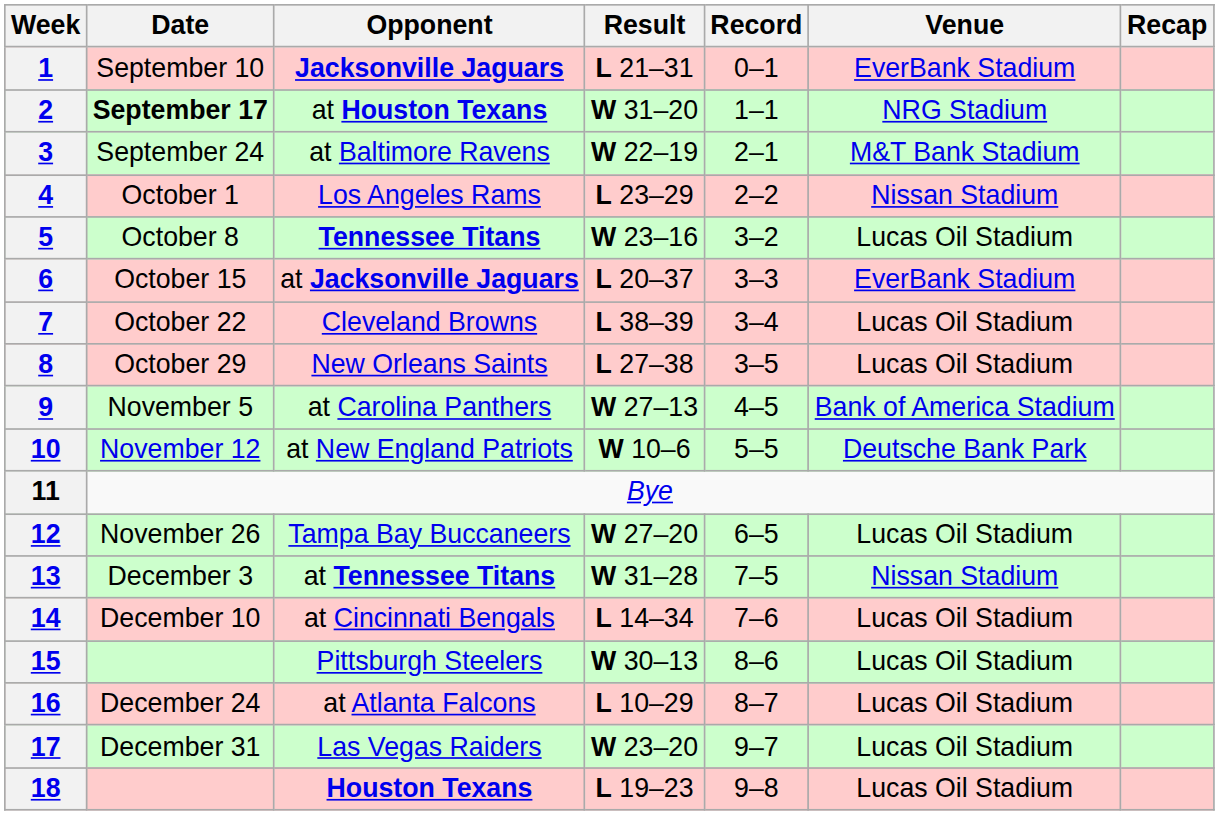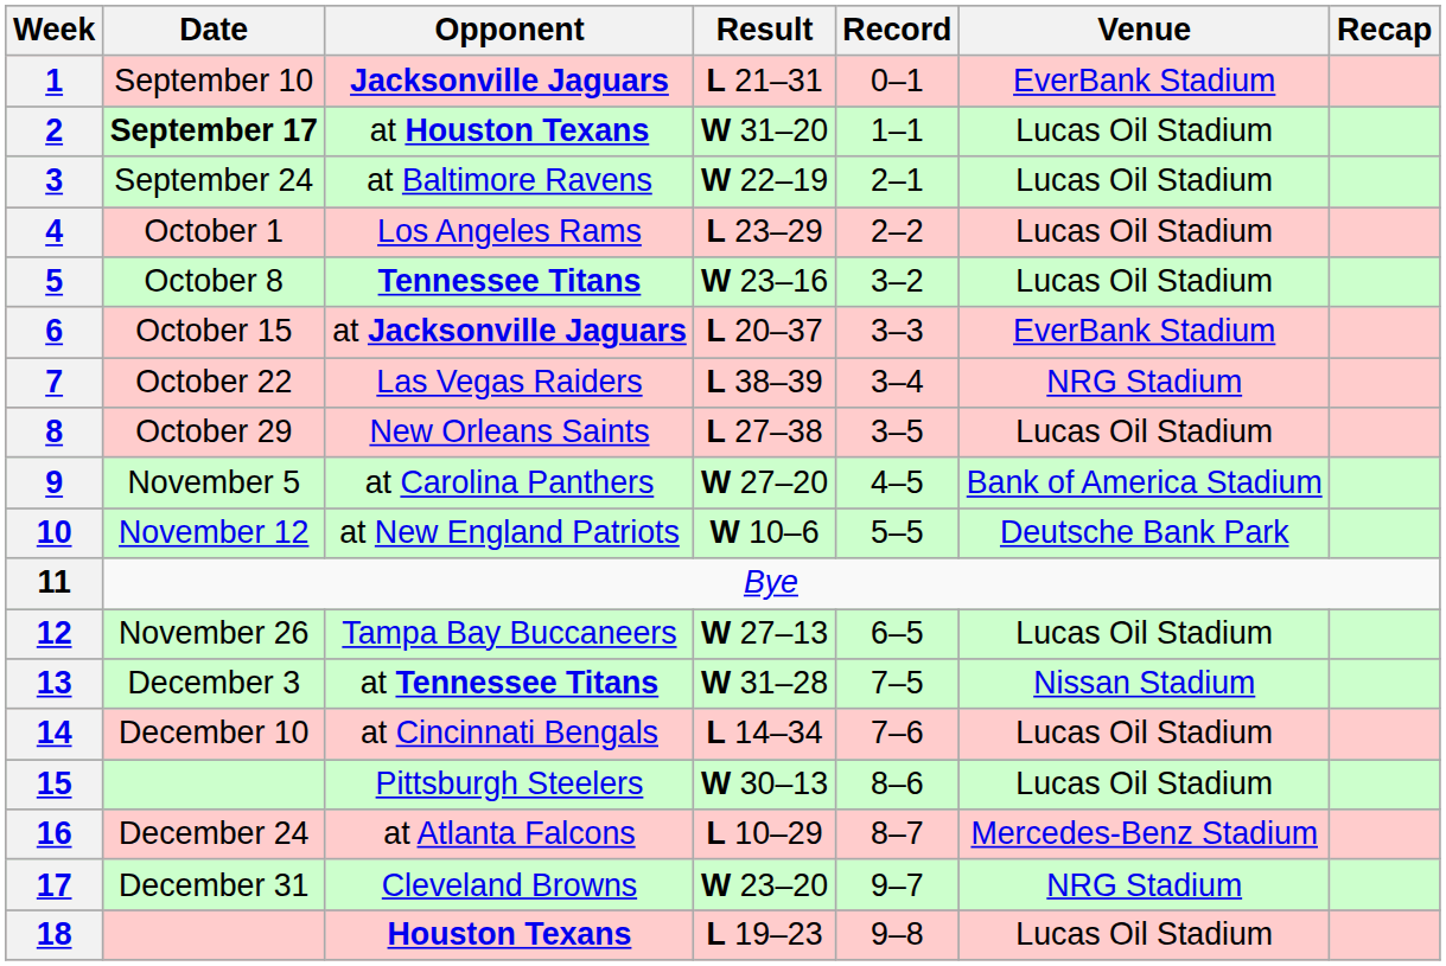 <table class="wikitable" style="text-align:center">
 <tr>
 <th>Week</th>
 <th>Date</th>
 <th>Opponent</th>
 <th>Result</th>
 <th>Record</th>
 <th>Venue</th>
 <th>Recap</th>
 </tr>
 <tr style="background:#fcc">
 <th><a href='#'>1</a></th>
 <td>September 10</td>
 <td><strong><a href='#'>Jacksonville Jaguars</a></strong></td>
 <td><strong>L</strong> 21–31</td>
 <td>0–1</td>
 <td><a href='#'>EverBank Stadium</a></td>
 <td></td>
 </tr>
 <tr style="background:#cfc">
 <th><a href='#'>2</a></th>
 <td><strong>September 17</strong></td>
 <td>at <strong><a href='#'>Houston Texans</a></strong></td>
 <td><strong>W</strong> 31–20</td>
 <td>1–1</td>
-<td><a href='#'>NRG Stadium</a></td>
+<td>Lucas Oil Stadium</td>
 <td></td>
 </tr>
 <tr style="background:#cfc">
 <th><a href='#'>3</a></th>
 <td>September 24</td>
 <td>at <a href='#'>Baltimore Ravens</a></td>
 <td><strong>W</strong> 22–19 </td>
 <td>2–1</td>
-<td><a href='#'>M&T Bank Stadium</a></td>
+<td>Lucas Oil Stadium</td>
 <td></td>
 </tr>
 <tr style="background:#fcc">
 <th><a href='#'>4</a></th>
 <td>October 1</td>
 <td><a href='#'>Los Angeles Rams</a></td>
 <td><strong>L</strong> 23–29 </td>
 <td>2–2</td>
-<td><a href='#'>Nissan Stadium</a></td>
+<td>Lucas Oil Stadium</td>
 <td></td>
 </tr>
 <tr style="background:#cfc">
 <th><a href='#'>5</a></th>
 <td>October 8</td>
 <td><strong><a href='#'>Tennessee Titans</a></strong></td>
 <td><strong>W</strong> 23–16</td>
 <td>3–2</td>
 <td>Lucas Oil Stadium</td>
 <td></td>
 </tr>
 <tr style="background:#fcc">
 <th><a href='#'>6</a></th>
 <td>October 15</td>
 <td>at <strong><a href='#'>Jacksonville Jaguars</a></strong></td>
 <td><strong>L</strong> 20–37</td>
 <td>3–3</td>
 <td><a href='#'>EverBank Stadium</a></td>
 <td></td>
 </tr>
 <tr style="background:#fcc">
 <th><a href='#'>7</a></th>
 <td>October 22</td>
-<td><a href='#'>Cleveland Browns</a></td>
+<td><a href='#'>Las Vegas Raiders</a></td>
 <td><strong>L</strong> 38–39</td>
 <td>3–4</td>
-<td>Lucas Oil Stadium</td>
+<td><a href='#'>NRG Stadium</a></td>
 <td></td>
 </tr>
 <tr style="background:#fcc">
 <th><a href='#'>8</a></th>
 <td>October 29</td>
 <td><a href='#'>New Orleans Saints</a></td>
 <td><strong>L</strong> 27–38</td>
 <td>3–5</td>
 <td>Lucas Oil Stadium</td>
 <td></td>
 </tr>
 <tr style="background:#cfc">
 <th><a href='#'>9</a></th>
 <td>November 5</td>
 <td>at <a href='#'>Carolina Panthers</a></td>
-<td><strong>W</strong> 27–13</td>
+<td><strong>W</strong> 27–20</td>
 <td>4–5</td>
 <td><a href='#'>Bank of America Stadium</a></td>
 <td></td>
 </tr>
 <tr style="background:#cfc">
 <th><a href='#'>10</a></th>
 <td><a href='#'>November 12</a></td>
 <td>at <a href='#'>New England Patriots</a></td>
 <td><strong>W</strong> 10–6</td>
 <td>5–5</td>
 <td> <a href='#'>Deutsche Bank Park</a> </td>
 <td></td>
 </tr>
 <tr>
 <th>11</th>
 <td colspan=8><em><a href='#'>Bye</a></em></td>
 </tr>
 <tr style="background:#cfc">
 <th><a href='#'>12</a></th>
 <td>November 26</td>
 <td><a href='#'>Tampa Bay Buccaneers</a></td>
-<td><strong>W</strong> 27–20</td>
+<td><strong>W</strong> 27–13</td>
 <td>6–5</td>
 <td>Lucas Oil Stadium</td>
 <td></td>
 </tr>
 <tr style="background:#cfc">
 <th><a href='#'>13</a></th>
 <td>December 3</td>
 <td>at <strong><a href='#'>Tennessee Titans</a></strong></td>
 <td><strong>W</strong> 31–28 </td>
 <td>7–5</td>
 <td><a href='#'>Nissan Stadium</a></td>
 <td></td>
 </tr>
 <tr style="background:#fcc">
 <th><a href='#'>14</a></th>
 <td>December 10</td>
 <td>at <a href='#'>Cincinnati Bengals</a></td>
 <td><strong>L</strong> 14–34</td>
 <td>7–6</td>
 <td>Lucas Oil Stadium</td>
 <td></td>
 </tr>
 <tr style="background:#cfc">
 <th><a href='#'>15</a></th>
 <td></td>
 <td><a href='#'>Pittsburgh Steelers</a></td>
 <td><strong>W</strong> 30–13</td>
 <td>8–6</td>
 <td>Lucas Oil Stadium</td>
 <td></td>
 </tr>
 <tr style="background:#fcc">
 <th><a href='#'>16</a></th>
 <td>December 24</td>
 <td>at <a href='#'>Atlanta Falcons</a></td>
 <td><strong>L</strong> 10–29</td>
 <td>8–7</td>
-<td>Lucas Oil Stadium</td>
+<td><a href='#'>Mercedes-Benz Stadium</a></td>
 <td></td>
 </tr>
 <tr style="background:#cfc">
 <th><a href='#'>17</a></th>
 <td>December 31</td>
-<td><a href='#'>Las Vegas Raiders</a></td>
+<td><a href='#'>Cleveland Browns</a></td>
 <td><strong>W</strong> 23–20</td>
 <td>9–7</td>
-<td>Lucas Oil Stadium</td>
+<td><a href='#'>NRG Stadium</a></td>
 <td></td>
 </tr>
 <tr style="background:#fcc">
 <th><a href='#'>18</a></th>
 <td></td>
 <td><strong><a href='#'>Houston Texans</a></strong></td>
 <td><strong>L</strong> 19–23</td>
 <td>9–8</td>
 <td>Lucas Oil Stadium</td>
 <td></td>
 </tr>
 </table>
